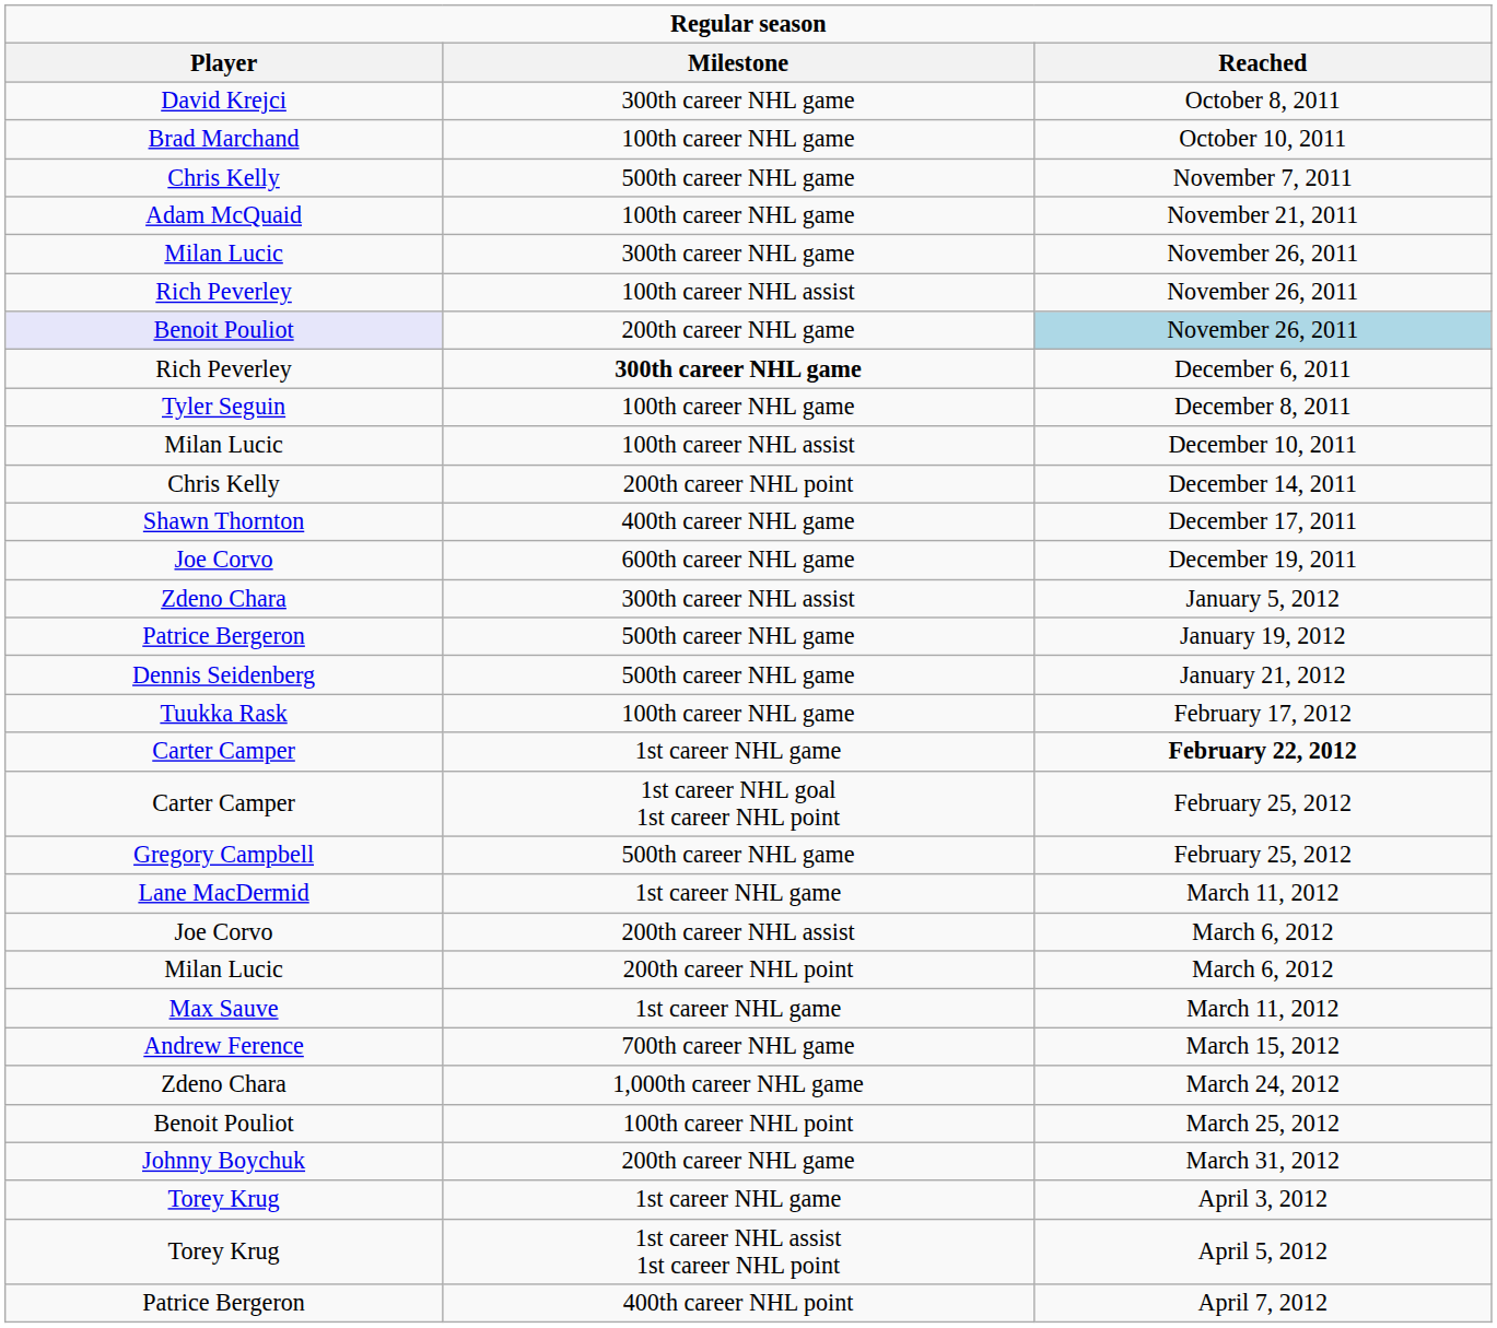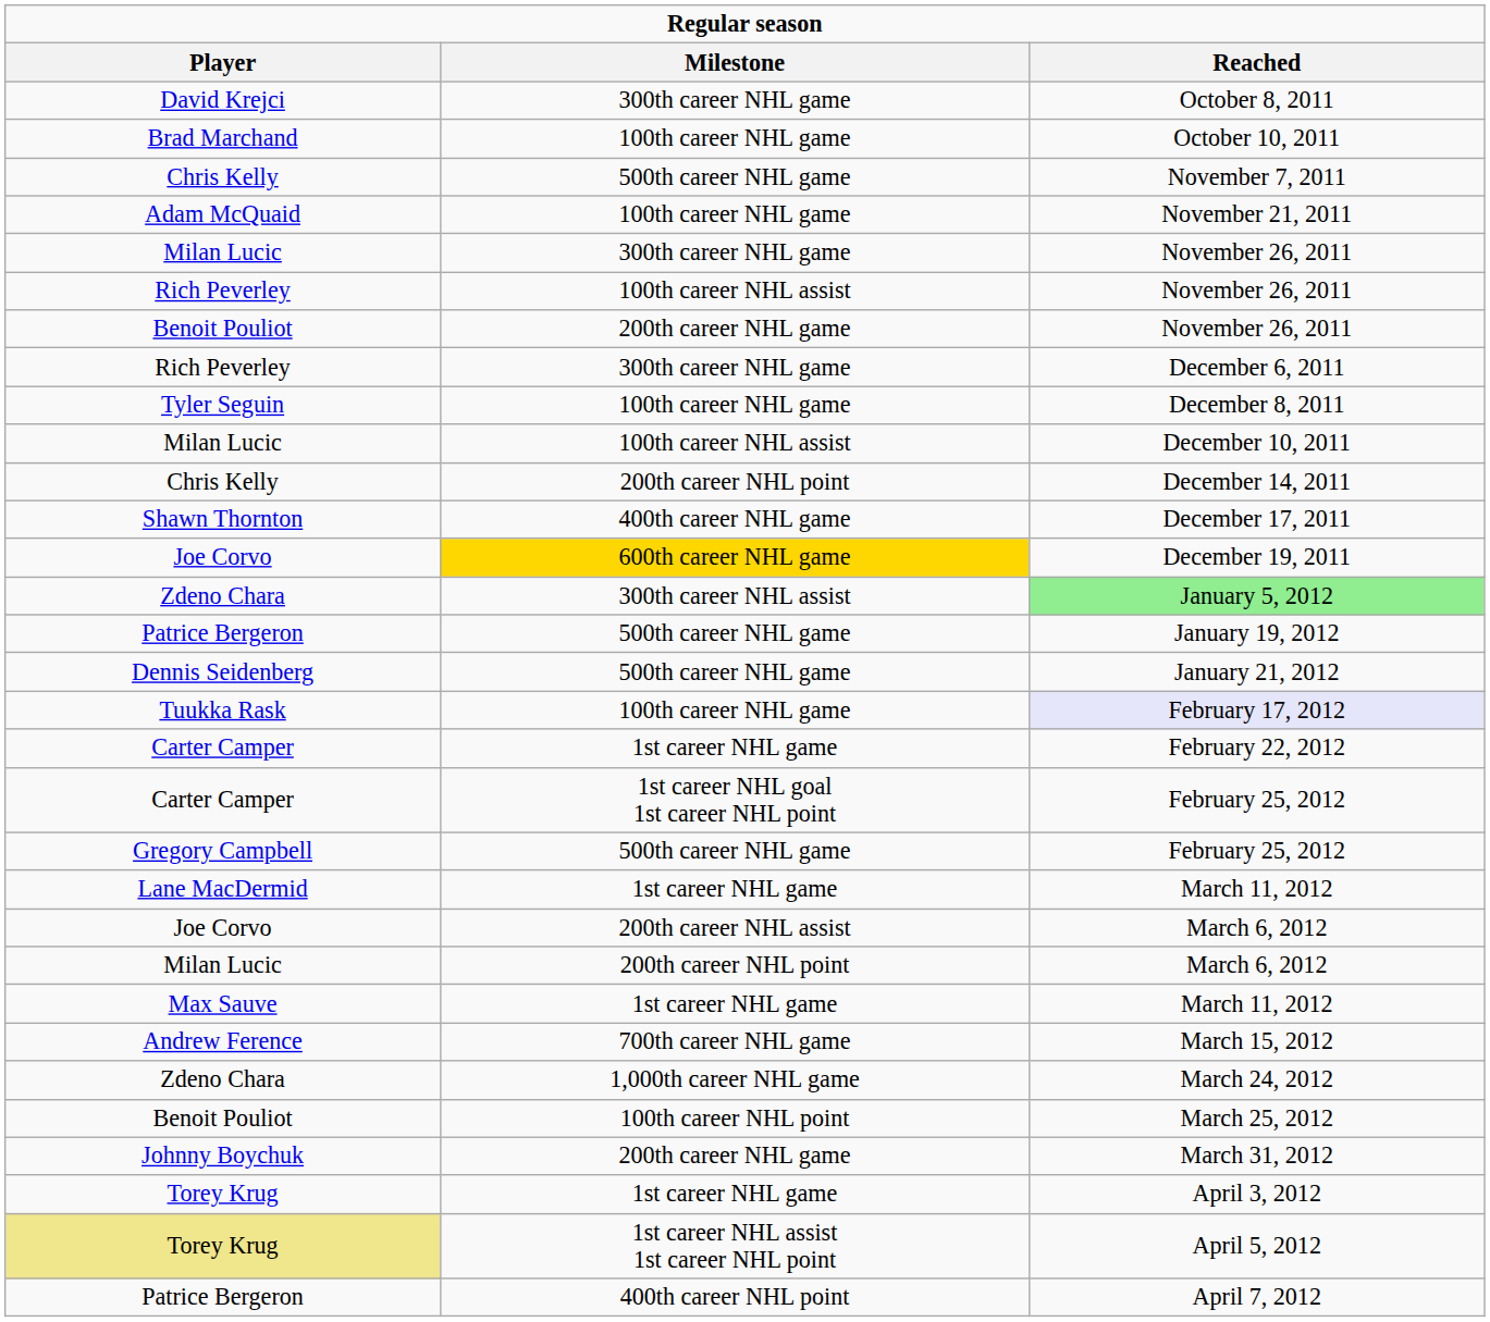 <table class="wikitable" width="78%" style="text-align:center">
 <tr>
 <td colspan="10" align="center"><strong>Regular season</strong></td>
 </tr>
 <tr>
 <th>Player</th>
 <th>Milestone</th>
 <th>Reached</th>
 </tr>
 <tr>
 <td><a href='#'>David Krejci</a></td>
 <td>300th career NHL game</td>
 <td>October 8, 2011</td>
 </tr>
 <tr>
 <td><a href='#'>Brad Marchand</a></td>
 <td>100th career NHL game</td>
 <td>October 10, 2011</td>
 </tr>
 <tr>
 <td><a href='#'>Chris Kelly</a></td>
 <td>500th career NHL game</td>
 <td>November 7, 2011</td>
 </tr>
 <tr>
 <td><a href='#'>Adam McQuaid</a></td>
 <td>100th career NHL game</td>
 <td>November 21, 2011</td>
 </tr>
 <tr>
 <td><a href='#'>Milan Lucic</a></td>
 <td>300th career NHL game</td>
 <td>November 26, 2011</td>
 </tr>
 <tr>
 <td><a href='#'>Rich Peverley</a></td>
 <td>100th career NHL assist</td>
 <td>November 26, 2011</td>
 </tr>
 <tr>
-<td style="background: lavender;"><a href='#'>Benoit Pouliot</a></td>
+<td><a href='#'>Benoit Pouliot</a></td>
 <td>200th career NHL game</td>
-<td style="background: lightblue;">November 26, 2011</td>
+<td>November 26, 2011</td>
 </tr>
 <tr>
 <td>Rich Peverley</td>
-<td><strong>300th career NHL game</strong></td>
+<td>300th career NHL game</td>
 <td>December 6, 2011</td>
 </tr>
 <tr>
 <td><a href='#'>Tyler Seguin</a></td>
 <td>100th career NHL game</td>
 <td>December 8, 2011</td>
 </tr>
 <tr>
 <td>Milan Lucic</td>
 <td>100th career NHL assist</td>
 <td>December 10, 2011</td>
 </tr>
 <tr>
 <td>Chris Kelly</td>
 <td>200th career NHL point</td>
 <td>December 14, 2011</td>
 </tr>
 <tr>
 <td><a href='#'>Shawn Thornton</a></td>
 <td>400th career NHL game</td>
 <td>December 17, 2011</td>
 </tr>
 <tr>
 <td><a href='#'>Joe Corvo</a></td>
-<td>600th career NHL game</td>
+<td style="background: gold;">600th career NHL game</td>
 <td>December 19, 2011</td>
 </tr>
 <tr>
 <td><a href='#'>Zdeno Chara</a></td>
 <td>300th career NHL assist</td>
-<td>January 5, 2012</td>
+<td style="background: lightgreen;">January 5, 2012</td>
 </tr>
 <tr>
 <td><a href='#'>Patrice Bergeron</a></td>
 <td>500th career NHL game</td>
 <td>January 19, 2012</td>
 </tr>
 <tr>
 <td><a href='#'>Dennis Seidenberg</a></td>
 <td>500th career NHL game</td>
 <td>January 21, 2012</td>
 </tr>
 <tr>
 <td><a href='#'>Tuukka Rask</a></td>
 <td>100th career NHL game</td>
-<td>February 17, 2012</td>
+<td style="background: lavender;">February 17, 2012</td>
 </tr>
 <tr>
 <td><a href='#'>Carter Camper</a></td>
 <td>1st career NHL game</td>
-<td><strong>February 22, 2012</strong></td>
+<td>February 22, 2012</td>
 </tr>
 <tr>
 <td>Carter Camper</td>
 <td>1st career NHL goal<br>1st career NHL point</td>
 <td>February 25, 2012</td>
 </tr>
 <tr>
 <td><a href='#'>Gregory Campbell</a></td>
 <td>500th career NHL game</td>
 <td>February 25, 2012</td>
 </tr>
 <tr>
 <td><a href='#'>Lane MacDermid</a></td>
 <td>1st career NHL game</td>
 <td>March 11, 2012</td>
 </tr>
 <tr>
 <td>Joe Corvo</td>
 <td>200th career NHL assist</td>
 <td>March 6, 2012</td>
 </tr>
 <tr>
 <td>Milan Lucic</td>
 <td>200th career NHL point</td>
 <td>March 6, 2012</td>
 </tr>
 <tr>
 <td><a href='#'>Max Sauve</a></td>
 <td>1st career NHL game</td>
 <td>March 11, 2012</td>
 </tr>
 <tr>
 <td><a href='#'>Andrew Ference</a></td>
 <td>700th career NHL game</td>
 <td>March 15, 2012</td>
 </tr>
 <tr>
 <td>Zdeno Chara</td>
 <td>1,000th career NHL game</td>
 <td>March 24, 2012</td>
 </tr>
 <tr>
 <td>Benoit Pouliot</td>
 <td>100th career NHL point</td>
 <td>March 25, 2012</td>
 </tr>
 <tr>
 <td><a href='#'>Johnny Boychuk</a></td>
 <td>200th career NHL game</td>
 <td>March 31, 2012</td>
 </tr>
 <tr>
 <td><a href='#'>Torey Krug</a></td>
 <td>1st career NHL game</td>
 <td>April 3, 2012</td>
 </tr>
 <tr>
-<td>Torey Krug</td>
+<td style="background: khaki;">Torey Krug</td>
 <td>1st career NHL assist<br>1st career NHL point</td>
 <td>April 5, 2012</td>
 </tr>
 <tr>
 <td>Patrice Bergeron</td>
 <td>400th career NHL point</td>
 <td>April 7, 2012</td>
 </tr>
 </table>
